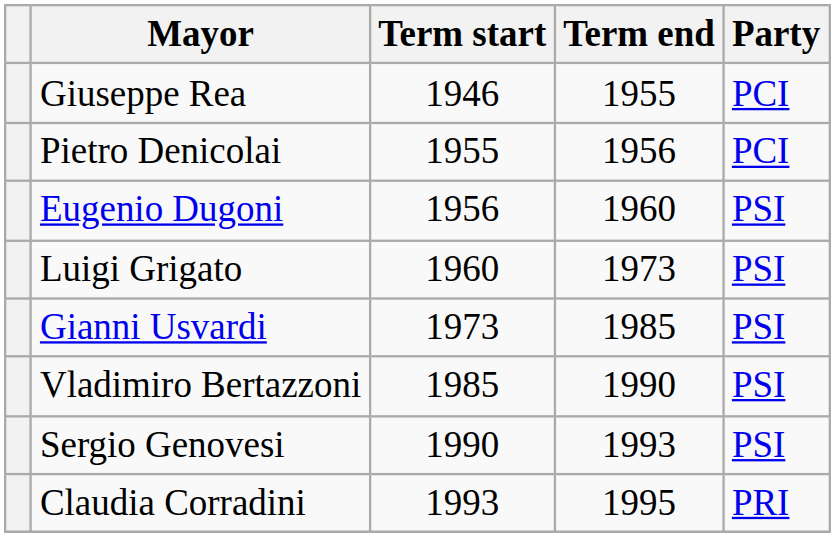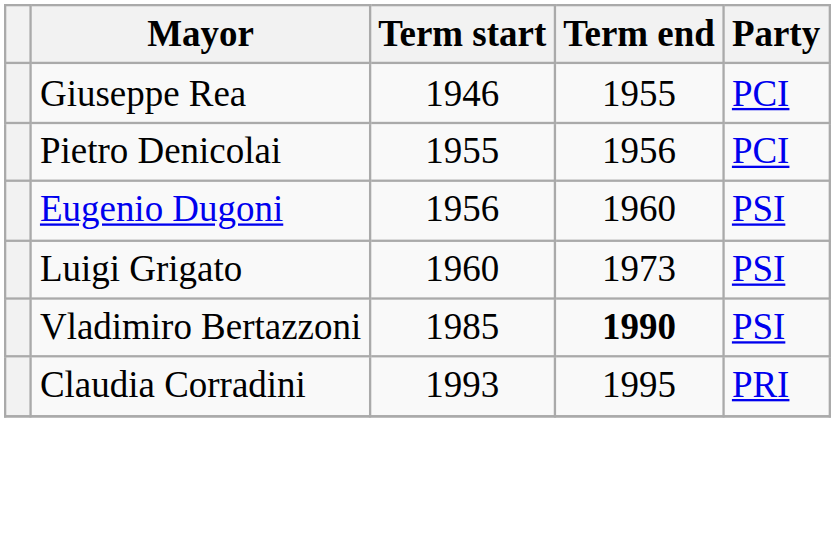 <table class="wikitable">
 <tr>
 <th class=unsortable> </th>
 <th>Mayor</th>
 <th>Term start</th>
 <th>Term end</th>
 <th>Party</th>
 </tr>
 <tr>
 <th style="background:"></th>
 <td>Giuseppe Rea</td>
 <td align=center>1946</td>
 <td align=center>1955</td>
 <td><a href='#'>PCI</a></td>
 </tr>
 <tr>
 <th style="background:"></th>
 <td>Pietro Denicolai</td>
 <td align=center>1955</td>
 <td align=center>1956</td>
 <td><a href='#'>PCI</a></td>
 </tr>
 <tr>
 <th style="background:"></th>
 <td><a href='#'>Eugenio Dugoni</a></td>
 <td align=center>1956</td>
 <td align=center>1960</td>
 <td><a href='#'>PSI</a></td>
 </tr>
 <tr>
 <th style="background:"></th>
 <td>Luigi Grigato</td>
 <td align=center>1960</td>
 <td align=center>1973</td>
 <td><a href='#'>PSI</a></td>
 </tr>
 <tr>
 <th style="background:"></th>
-<td><a href='#'>Gianni Usvardi</a></td>
-<td align=center>1973</td>
-<td align=center>1985</td>
-<td><a href='#'>PSI</a></td>
-</tr>
-<tr>
-<th style="background:"></th>
 <td>Vladimiro Bertazzoni</td>
 <td align=center>1985</td>
-<td align=center>1990</td>
-<td><a href='#'>PSI</a></td>
-</tr>
-<tr>
-<th style="background:"></th>
-<td>Sergio Genovesi</td>
-<td align=center>1990</td>
-<td align=center>1993</td>
+<td align=center><strong>1990</strong></td>
 <td><a href='#'>PSI</a></td>
 </tr>
 <tr>
 <th style="background:"></th>
 <td>Claudia Corradini</td>
 <td align=center>1993</td>
 <td align=center>1995</td>
 <td><a href='#'>PRI</a></td>
 </tr>
 <tr>
 </tr>
 </table>
